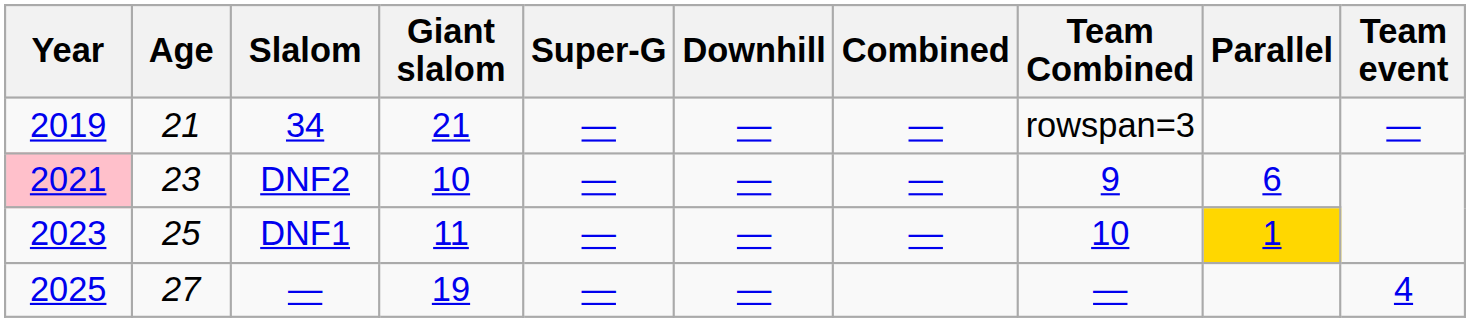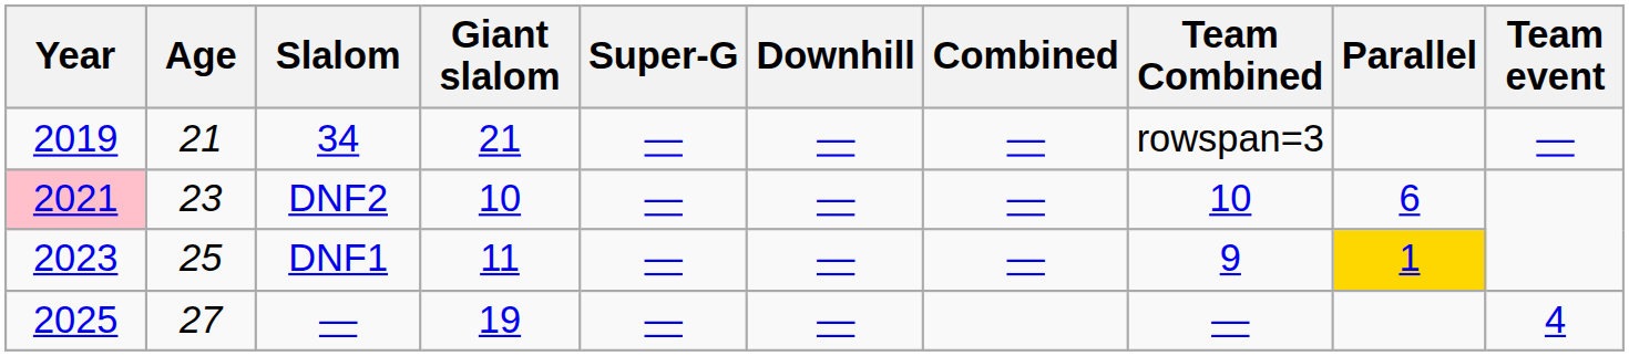 <table class=wikitable style="text-align:center">
 <tr>
 <th>  Year  </th>
 <th> Age </th>
 <th> Slalom </th>
 <th> Giant <br> slalom </th>
 <th>Super-G</th>
 <th>Downhill</th>
 <th>Combined</th>
 <th>Team<br>Combined</th>
 <th>Parallel</th>
 <th>Team<br> event </th>
 </tr>
 <tr>
 <td><a href='#'>2019</a></td>
 <td><em>21</em></td>
 <td><a href='#'>34</a></td>
 <td><a href='#'>21</a></td>
 <td><a href='#'>—</a></td>
 <td><a href='#'>—</a></td>
 <td><a href='#'>—</a></td>
 <td>rowspan=3</td>
 <td></td>
 <td><a href='#'>—</a></td>
 </tr>
 <tr>
 <td style="background: pink;"><a href='#'>2021</a></td>
 <td><em>23</em></td>
 <td><a href='#'>DNF2</a></td>
 <td><a href='#'>10</a></td>
 <td><a href='#'>—</a></td>
 <td><a href='#'>—</a></td>
 <td><a href='#'>—</a></td>
-<td><a href='#'>9</a></td>
+<td><a href='#'>10</a></td>
 <td><a href='#'>6</a></td>
 </tr>
 <tr>
 <td><a href='#'>2023</a></td>
 <td><em>25</em></td>
 <td><a href='#'>DNF1</a></td>
 <td><a href='#'>11</a></td>
 <td><a href='#'>—</a></td>
 <td><a href='#'>—</a></td>
 <td><a href='#'>—</a></td>
-<td><a href='#'>10</a></td>
+<td><a href='#'>9</a></td>
 <td style="background:gold;"><a href='#'>1</a></td>
 </tr>
 <tr>
 <td><a href='#'>2025</a></td>
 <td><em>27</em></td>
 <td><a href='#'>—</a></td>
 <td><a href='#'>19</a></td>
 <td><a href='#'>—</a></td>
 <td><a href='#'>—</a></td>
 <td></td>
 <td><a href='#'>—</a></td>
 <td></td>
 <td><a href='#'>4</a></td>
 </tr>
 </table>
